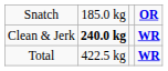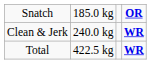 <table class = "wikitable" style="text-align:center;">
 <tr>
 <td>Snatch</td>
 <td>185.0 kg</td>
 <td align=left></td>
 <td><strong><a href='#'>OR</a></strong></td>
 </tr>
 <tr>
 <td>Clean & Jerk</td>
-<td><strong>240.0 kg</strong></td>
+<td>240.0 kg</td>
 <td align=left></td>
 <td><strong><a href='#'>WR</a></strong></td>
 </tr>
 <tr>
 <td>Total</td>
 <td>422.5 kg</td>
 <td align=left></td>
 <td><strong><a href='#'>WR</a></strong></td>
 </tr>
 </table>
